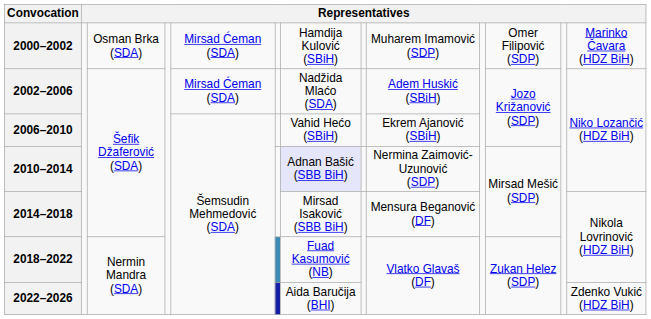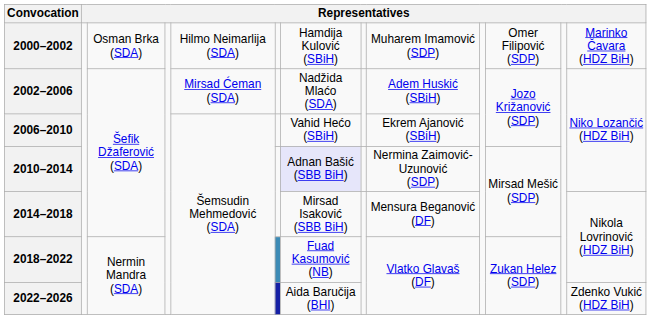 <table class="wikitable" style="text-align:center">
 <tr>
 <th>Convocation</th>
 <th colspan=12>Representatives</th>
 </tr>
 <tr>
 <th>2000–2002</th>
 <td rowspan=7; style="background-color: "></td>
 <td>Osman Brka<br>(<a href='#'>SDA</a>)</td>
 <td rowspan=7; style="background-color: "></td>
-<td><a href='#'>Mirsad Ćeman</a><br>(<a href='#'>SDA</a>)</td>
+<td>Hilmo Neimarlija<br>(<a href='#'>SDA</a>)</td>
 <td rowspan=1; style="background-color: "></td>
 <td>Hamdija Kulović<br>(<a href='#'>SBiH</a>)</td>
 <td rowspan=1; style="background-color: "></td>
 <td>Muharem Imamović<br>(<a href='#'>SDP</a>)</td>
 <td rowspan=7; style="background-color: "></td>
 <td>Omer Filipović<br>(<a href='#'>SDP</a>)</td>
 <td rowspan=7; style="background-color: "></td>
 <td><a href='#'>Marinko Čavara</a><br>(<a href='#'>HDZ BiH</a>)</td>
 </tr>
 <tr>
 <th>2002–2006</th>
 <td rowspan=4><a href='#'>Šefik Džaferović</a> <br>(<a href='#'>SDA</a>)</td>
 <td><a href='#'>Mirsad Ćeman</a><br>(<a href='#'>SDA</a>)</td>
 <td rowspan=1; style="background-color: "></td>
 <td>Nadžida Mlaćo<br>(<a href='#'>SDA</a>)</td>
 <td rowspan=2; style="background-color: "></td>
 <td><a href='#'>Adem Huskić</a><br>(<a href='#'>SBiH</a>)</td>
 <td rowspan=2><a href='#'>Jozo Križanović</a><br>(<a href='#'>SDP</a>)</td>
 <td rowspan=3><a href='#'>Niko Lozančić</a><br>(<a href='#'>HDZ BiH</a>)</td>
 </tr>
 <tr>
 <th>2006–2010</th>
 <td rowspan=5>Šemsudin Mehmedović<br>(<a href='#'>SDA</a>)</td>
 <td rowspan=1; style="background-color: "></td>
 <td>Vahid Hećo<br>(<a href='#'>SBiH</a>)</td>
 <td>Ekrem Ajanović<br>(<a href='#'>SBiH</a>)</td>
 </tr>
 <tr>
 <th>2010–2014</th>
 <td rowspan=2; style="background-color: "></td>
 <td style="background: lavender;">Adnan Bašić<br>(<a href='#'>SBB BiH</a>)</td>
 <td rowspan=1; style="background-color: "></td>
 <td>Nermina Zaimović-Uzunović<br>(<a href='#'>SDP</a>)</td>
 <td rowspan=2>Mirsad Mešić<br>(<a href='#'>SDP</a>)</td>
 </tr>
 <tr>
 <th>2014–2018</th>
 <td>Mirsad Isaković<br>(<a href='#'>SBB BiH</a>)</td>
 <td rowspan=3; style="background-color: "></td>
 <td>Mensura Beganović<br>(<a href='#'>DF</a>)</td>
 <td rowspan=2>Nikola Lovrinović<br>(<a href='#'>HDZ BiH</a>)</td>
 </tr>
 <tr>
 <th>2018–2022</th>
 <td rowspan=2>Nermin Mandra<br>(<a href='#'>SDA</a>)</td>
 <td rowspan=1; style="background:#3C8BB6"></td>
 <td><a href='#'>Fuad Kasumović</a><br>(<a href='#'>NB</a>)</td>
 <td rowspan=2><a href='#'>Vlatko Glavaš</a><br>(<a href='#'>DF</a>)</td>
 <td rowspan=2><a href='#'>Zukan Helez</a><br>(<a href='#'>SDP</a>)</td>
 </tr>
 <tr>
 <th>2022–2026</th>
 <td rowspan=1; style="background-color: #1520A6"></td>
 <td>Aida Baručija<br>(<a href='#'>BHI</a>)</td>
 <td>Zdenko Vukić<br>(<a href='#'>HDZ BiH</a>)</td>
 </tr>
 </table>
